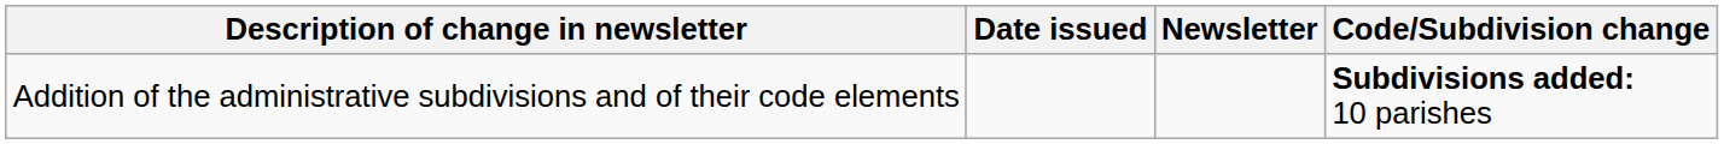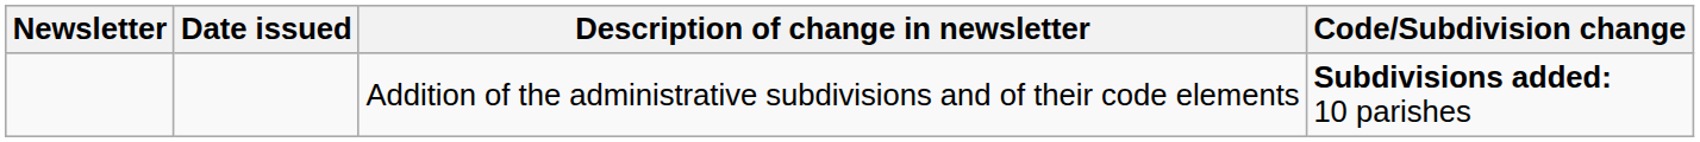 <table class="wikitable">
 <tr>
+<th>Newsletter</th>
+<th>Date issued</th>
 <th>Description of change in newsletter</th>
-<th>Date issued</th>
-<th>Newsletter</th>
 <th>Code/Subdivision change</th>
 </tr>
 <tr>
+<td id="I-8"></td>
+<td></td>
 <td>Addition of the administrative subdivisions and of their code elements</td>
-<td></td>
-<td id="I-8"></td>
 <td style=white-space:nowrap><strong>Subdivisions added:</strong><br> 10 parishes</td>
 </tr>
 </table>
